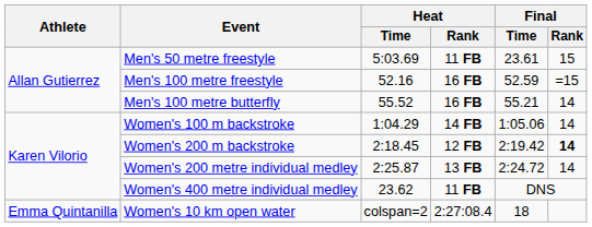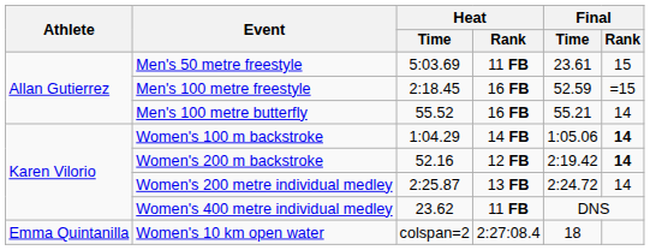 <table class=wikitable style="font-size:90%">
 <tr>
 <th rowspan="2">Athlete</th>
 <th rowspan="2">Event</th>
 <th colspan="2">Heat</th>
 <th colspan="2">Final</th>
 </tr>
 <tr style="font-size:95%">
 <th>Time</th>
 <th>Rank</th>
 <th>Time</th>
 <th>Rank</th>
 </tr>
 <tr align=center>
 <td align=left rowspan="3"><a href='#'>Allan Gutierrez</a></td>
 <td align=left><a href='#'>Men's 50 metre freestyle</a></td>
 <td>5:03.69</td>
 <td>11 <strong>FB</strong></td>
 <td>23.61</td>
 <td>15</td>
 </tr>
 <tr align=center>
 <td align=left><a href='#'>Men's 100 metre freestyle</a></td>
-<td>52.16</td>
+<td>2:18.45</td>
 <td>16 <strong>FB</strong></td>
 <td>52.59</td>
 <td>=15</td>
 </tr>
 <tr align=center>
 <td align=left><a href='#'>Men's 100 metre butterfly</a></td>
 <td>55.52</td>
 <td>16 <strong>FB</strong></td>
 <td>55.21</td>
 <td>14</td>
 </tr>
 <tr align=center>
 <td align=left rowspan="4"><a href='#'>Karen Vilorio</a></td>
 <td align=left><a href='#'>Women's 100 m backstroke</a></td>
 <td>1:04.29</td>
 <td>14 <strong>FB</strong></td>
 <td>1:05.06</td>
-<td>14</td>
+<td><strong>14</strong></td>
 </tr>
 <tr align=center>
 <td align=left><a href='#'>Women's 200 m backstroke</a></td>
-<td>2:18.45</td>
+<td>52.16</td>
 <td>12 <strong>FB</strong></td>
 <td>2:19.42</td>
 <td><strong>14</strong></td>
 </tr>
 <tr align=center>
 <td align=left><a href='#'>Women's 200 metre individual medley</a></td>
 <td>2:25.87</td>
 <td>13 <strong>FB</strong></td>
 <td>2:24.72</td>
 <td>14</td>
 </tr>
 <tr align=center>
 <td align=left><a href='#'>Women's 400 metre individual medley</a></td>
 <td>23.62</td>
 <td>11 <strong>FB</strong></td>
 <td colspan="2" align="center">DNS</td>
 </tr>
 <tr align=center>
 <td align=left><a href='#'>Emma Quintanilla</a></td>
 <td align=left><a href='#'>Women's 10 km open water</a></td>
 <td>colspan=2 </td>
 <td>2:27:08.4</td>
 <td>18</td>
 </tr>
 </table>
